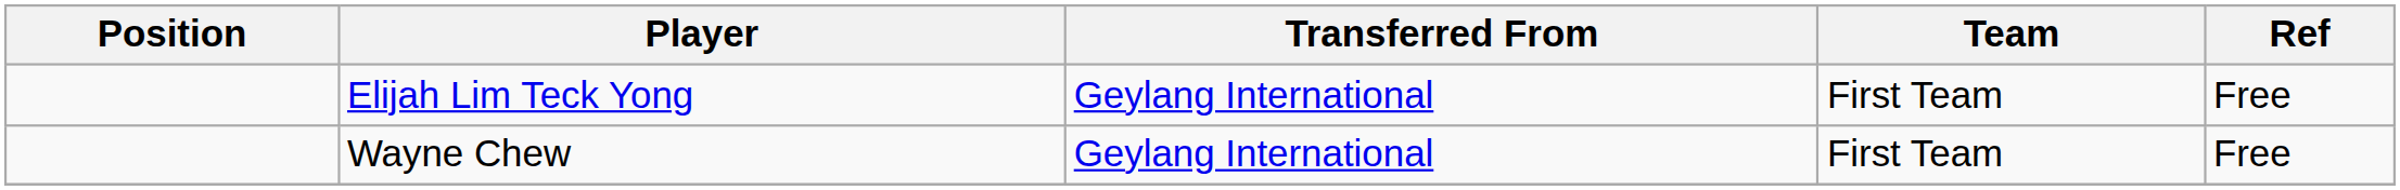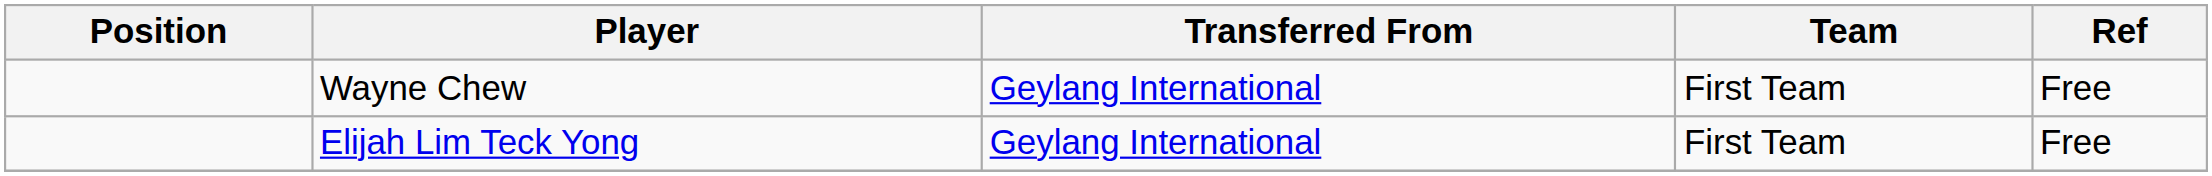 <table class="wikitable sortable" style="width:80%; text-align:center; font-size:100%; text-align:left;">
 <tr>
 <th><strong>Position</strong></th>
 <th><strong>Player</strong></th>
 <th><strong>Transferred From</strong></th>
 <th><strong>Team</strong></th>
 <th><strong>Ref</strong></th>
 </tr>
 <tr>
 <td></td>
-<td> <a href='#'>Elijah Lim Teck Yong</a></td>
+<td> Wayne Chew</td>
 <td> <a href='#'>Geylang International</a></td>
 <td>First Team</td>
 <td>Free</td>
 </tr>
 <tr>
 <td></td>
-<td> Wayne Chew</td>
+<td> <a href='#'>Elijah Lim Teck Yong</a></td>
 <td> <a href='#'>Geylang International</a></td>
 <td>First Team</td>
 <td>Free</td>
 </tr>
 <tr>
 </tr>
 </table>
